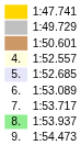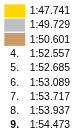 <table style="text-align:center">
 <tr>
 <td width=30 bgcolor=gold></td>
 <td align=left></td>
 <td width=60>1:47.741</td>
 </tr>
 <tr>
 <td bgcolor=silver></td>
 <td align=left></td>
 <td>1:49.729</td>
 </tr>
 <tr>
 <td bgcolor=cc9966></td>
 <td align=left></td>
 <td>1:50.601</td>
 </tr>
 <tr>
-<td style="background: lightyellow;">4.</td>
+<td>4.</td>
 <td align=left></td>
 <td>1:52.557</td>
 </tr>
 <tr>
-<td style="background: lavender;">5.</td>
+<td>5.</td>
 <td align=left></td>
 <td>1:52.685</td>
 </tr>
 <tr>
 <td>6.</td>
 <td align=left></td>
 <td>1:53.089</td>
 </tr>
 <tr>
 <td>7.</td>
 <td align=left></td>
 <td>1:53.717</td>
 </tr>
 <tr>
-<td style="background: lightgreen;">8.</td>
+<td>8.</td>
 <td align=left></td>
 <td>1:53.937</td>
 </tr>
 <tr>
-<td>9.</td>
+<td><strong>9.</strong></td>
 <td align=left></td>
 <td>1:54.473</td>
 </tr>
 </table>
